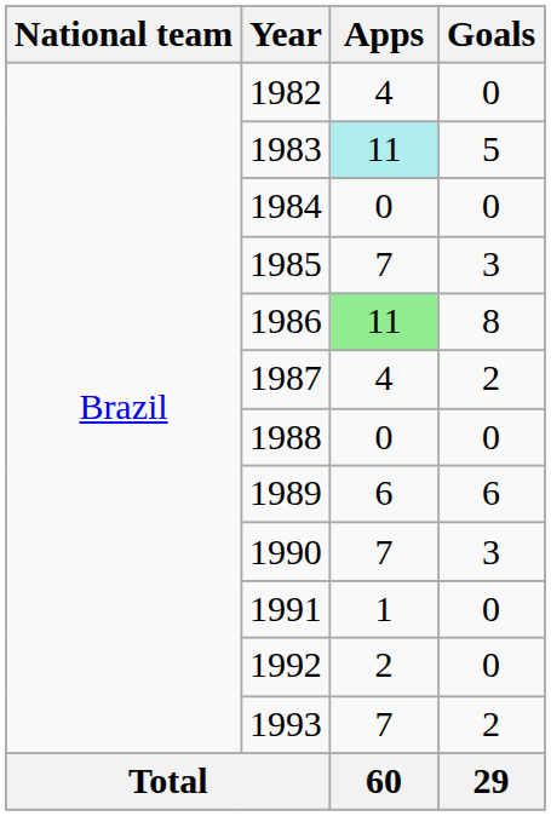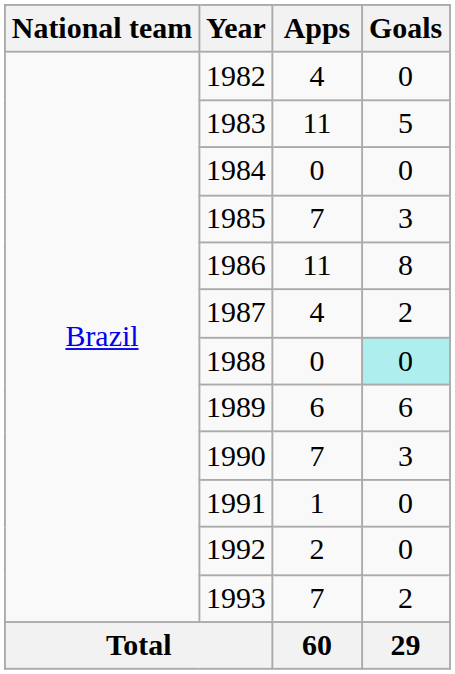 <table class="wikitable" style="text-align:center">
 <tr>
 <th>National team</th>
 <th>Year</th>
 <th width="40">Apps</th>
 <th width="40">Goals</th>
 </tr>
 <tr>
 <td rowspan="12"><a href='#'>Brazil</a></td>
 <td>1982</td>
 <td>4</td>
 <td>0</td>
 </tr>
 <tr>
 <td>1983</td>
-<td style="background: paleturquoise;">11</td>
+<td>11</td>
 <td>5</td>
 </tr>
 <tr>
 <td>1984</td>
 <td>0</td>
 <td>0</td>
 </tr>
 <tr>
 <td>1985</td>
 <td>7</td>
 <td>3</td>
 </tr>
 <tr>
 <td>1986</td>
-<td style="background: lightgreen;">11</td>
+<td>11</td>
 <td>8</td>
 </tr>
 <tr>
 <td>1987</td>
 <td>4</td>
 <td>2</td>
 </tr>
 <tr>
 <td>1988</td>
 <td>0</td>
-<td>0</td>
+<td style="background: paleturquoise;">0</td>
 </tr>
 <tr>
 <td>1989</td>
 <td>6</td>
 <td>6</td>
 </tr>
 <tr>
 <td>1990</td>
 <td>7</td>
 <td>3</td>
 </tr>
 <tr>
 <td>1991</td>
 <td>1</td>
 <td>0</td>
 </tr>
 <tr>
 <td>1992</td>
 <td>2</td>
 <td>0</td>
 </tr>
 <tr>
 <td>1993</td>
 <td>7</td>
 <td>2</td>
 </tr>
 <tr>
 <th colspan="2">Total</th>
 <th>60</th>
 <th>29</th>
 </tr>
 </table>
